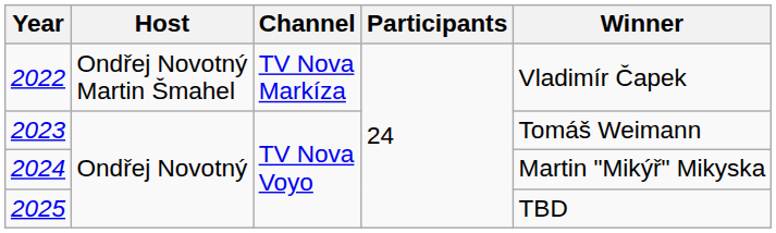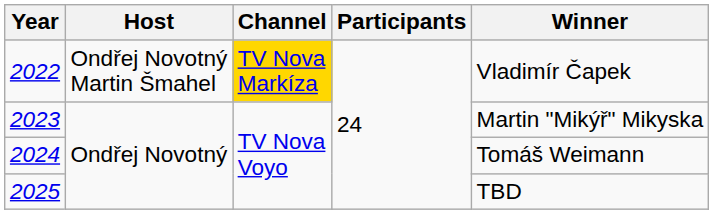 <table class="wikitable">
 <tr>
 <th>Year</th>
 <th>Host</th>
 <th>Channel</th>
 <th>Participants</th>
 <th>Winner</th>
 </tr>
 <tr>
 <td><a href='#'><em>2022</em></a></td>
 <td>Ondřej Novotný<br>Martin Šmahel</td>
-<td><a href='#'>TV Nova</a><br><a href='#'>Markíza</a></td>
+<td style="background: gold;"><a href='#'>TV Nova</a><br><a href='#'>Markíza</a></td>
 <td rowspan="4">24</td>
 <td>Vladimír Čapek</td>
 </tr>
 <tr>
 <td><a href='#'><em>2023</em></a></td>
 <td rowspan="3">Ondřej Novotný</td>
 <td rowspan="3"><a href='#'>TV Nova</a><br><a href='#'>Voyo</a></td>
-<td>Tomáš Weimann</td>
+<td>Martin "Mikýř" Mikyska</td>
 </tr>
 <tr>
 <td><em><a href='#'>2024</a></em></td>
-<td>Martin "Mikýř" Mikyska</td>
+<td>Tomáš Weimann</td>
 </tr>
 <tr>
 <td><em><a href='#'>2025</a></em></td>
 <td>TBD</td>
 </tr>
 </table>
